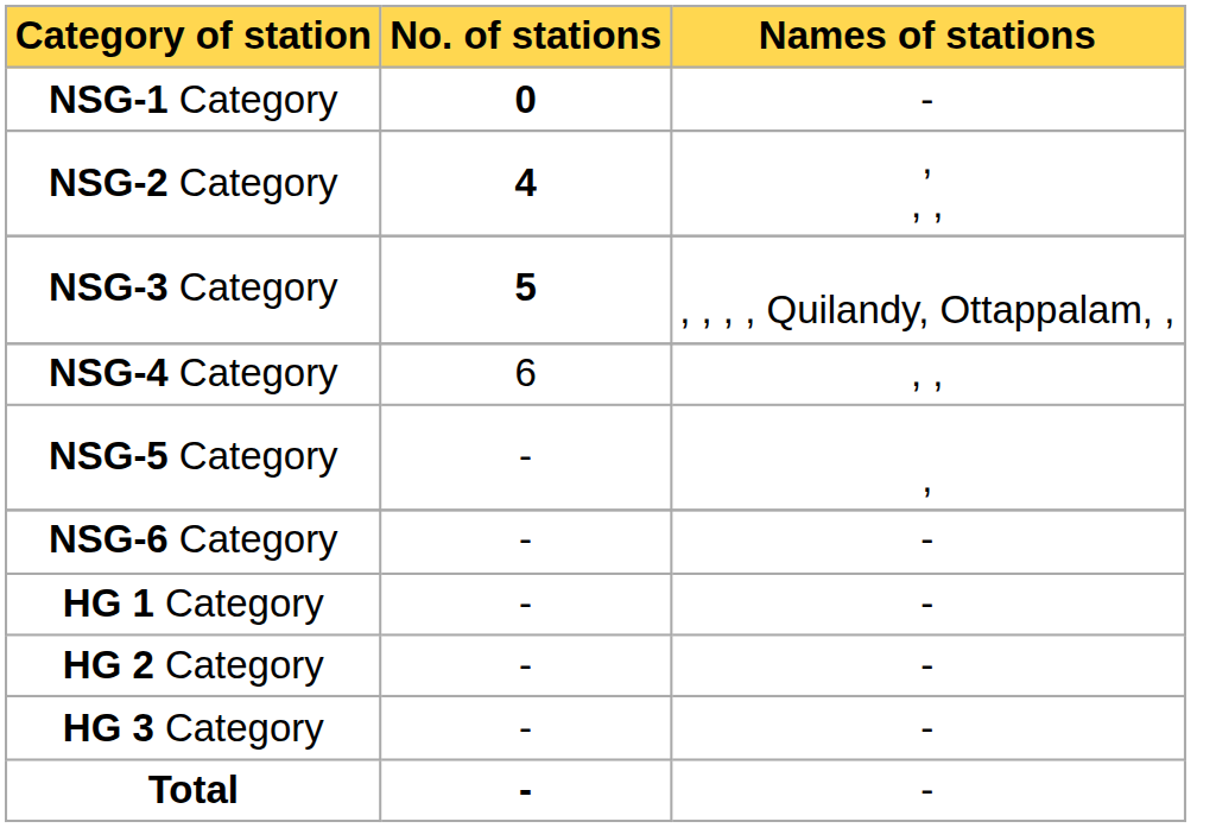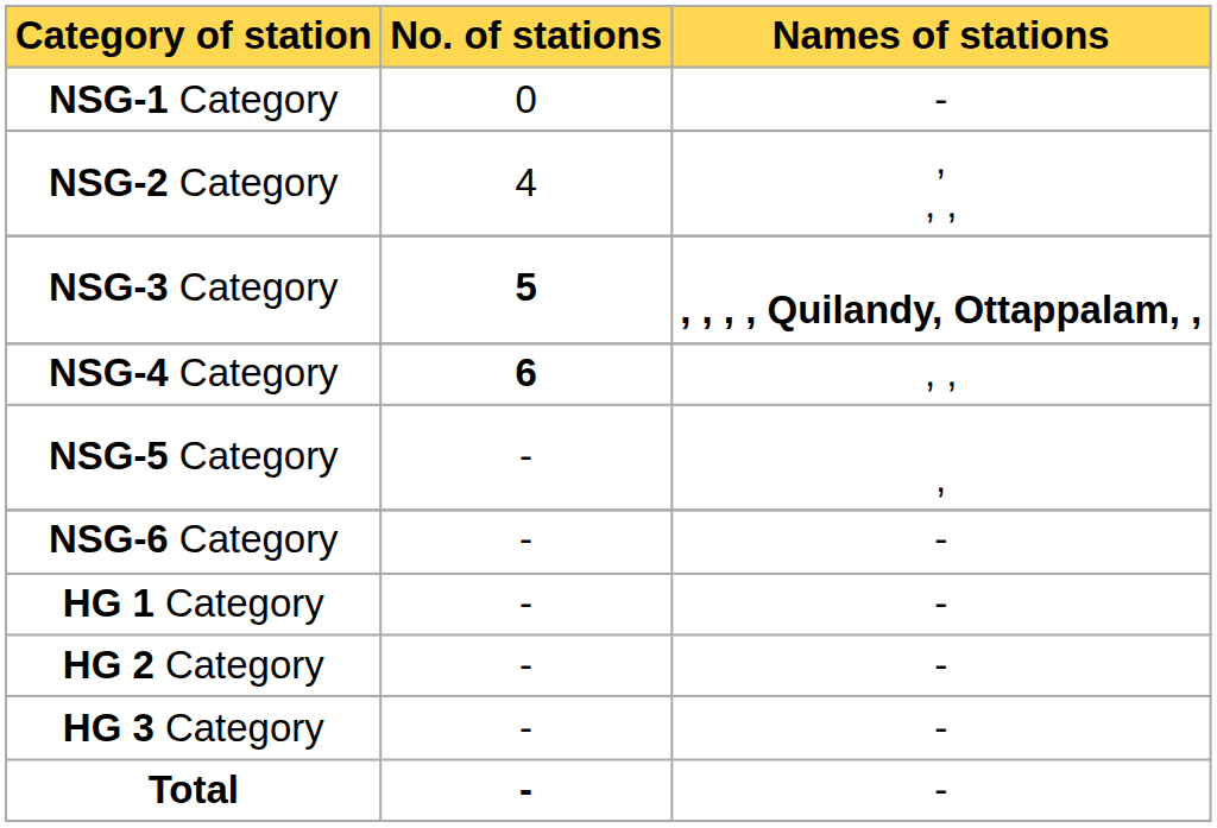 <table class="wikitable sortable" style="background:#fff;">
 <tr>
 <th style="background:#ffd750;" !>Category of station</th>
 <th style="background:#ffd750;" !>No. of stations</th>
 <th style="background:#ffd750;" !>Names of stations</th>
 </tr>
 <tr>
 <td style="text-align:center;"><strong>NSG-1</strong> Category</td>
-<td style="text-align:center;"><strong>0</strong></td>
+<td style="text-align:center;">0</td>
 <td style="text-align:center;">-</td>
 </tr>
 <tr>
 </tr>
 <tr>
 <td style="text-align:center;"><strong>NSG-2</strong> Category</td>
-<td style="text-align:center;"><strong>4</strong></td>
+<td style="text-align:center;">4</td>
 <td style="text-align:center;">,<br>, , </td>
 </tr>
 <tr>
 </tr>
 <tr>
 <td style="text-align:center;"><strong>NSG-3</strong> Category</td>
 <td style="text-align:center;"><strong>5</strong></td>
-<td style="text-align:center;"><br>,  , , , Quilandy, Ottappalam, ,  </td>
+<td style="text-align:center;"><strong><br>,  , , , Quilandy, Ottappalam, ,  </strong></td>
 </tr>
 <tr>
 </tr>
 <tr>
 <td style="text-align:center;"><strong>NSG-4</strong> Category</td>
-<td style="text-align:center;">6</td>
+<td style="text-align:center;"><strong>6</strong></td>
 <td style="text-align:center;">, ,<br></td>
 </tr>
 <tr>
 <td style="text-align:center;"><strong>NSG-5</strong> Category</td>
 <td style="text-align:center;">-</td>
 <td style="text-align:center;"><br>,</td>
 </tr>
 <tr>
 </tr>
 <tr>
 <td style="text-align:center;"><strong>NSG-6</strong> Category</td>
 <td style="text-align:center;">-</td>
 <td style="text-align:center;">-</td>
 </tr>
 <tr>
 <td style="text-align:center;"><strong>HG 1</strong> Category</td>
 <td style="text-align:center;">-</td>
 <td style="text-align:center;">-</td>
 </tr>
 <tr>
 <td style="text-align:center;"><strong>HG 2</strong> Category</td>
 <td style="text-align:center;">-</td>
 <td style="text-align:center;">-</td>
 </tr>
 <tr>
 <td style="text-align:center;"><strong>HG 3</strong> Category</td>
 <td style="text-align:center;">-</td>
 <td style="text-align:center;">-</td>
 </tr>
 <tr>
 <td style="text-align:center;"><strong>Total</strong></td>
 <td style="text-align:center;"><strong>-</strong></td>
 <td style="text-align:center;">-</td>
 </tr>
 </table>
